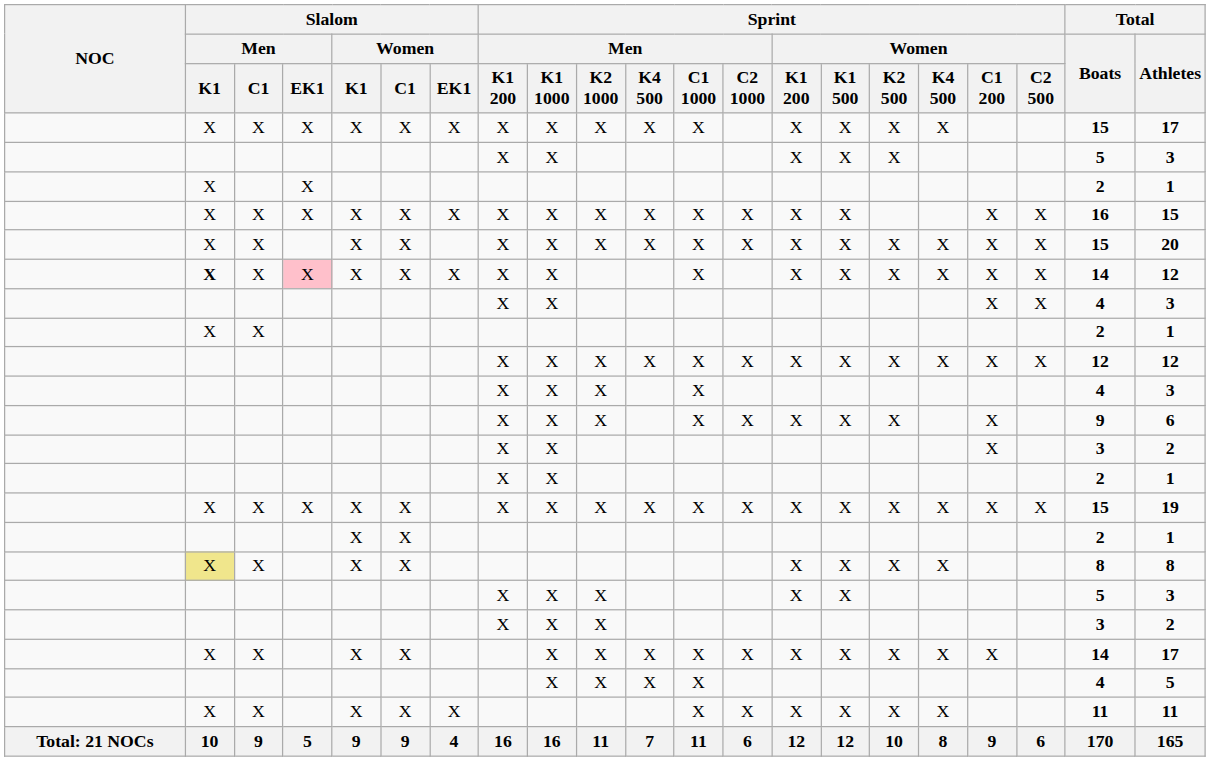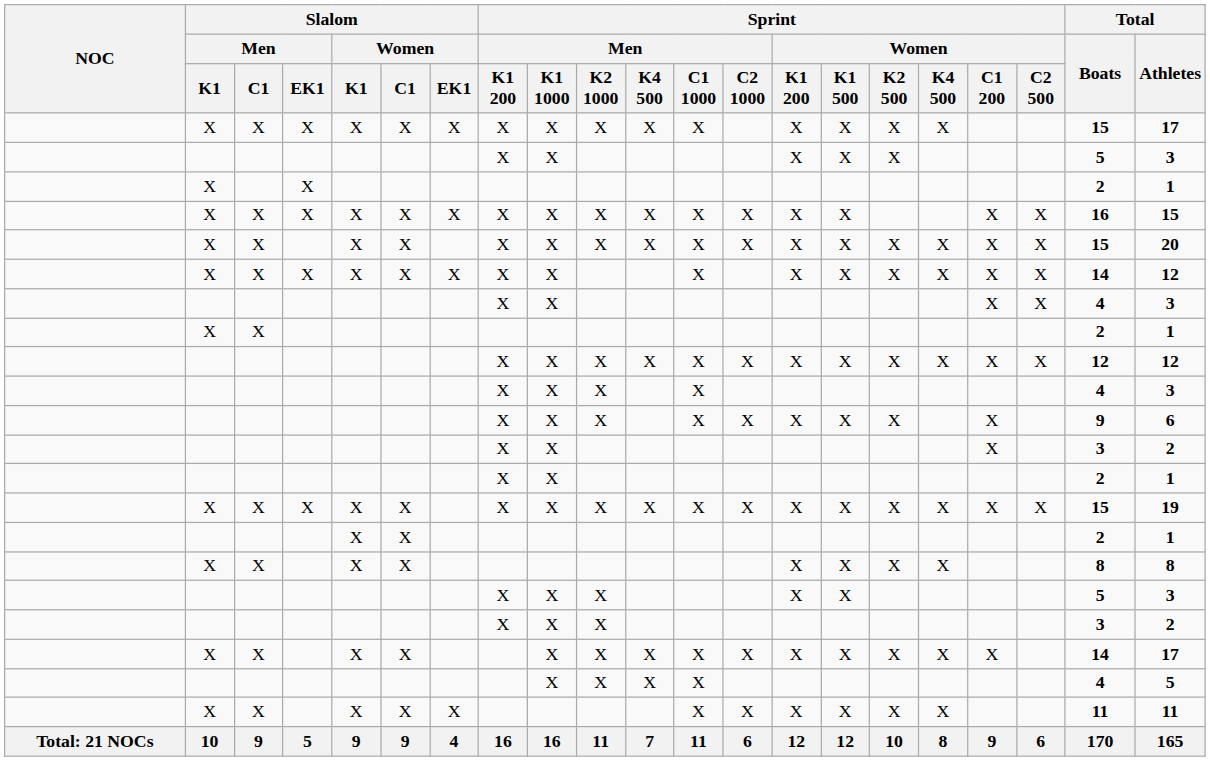 <table class="wikitable" style="text-align:center; font-size:90%">
 <tr>
 <th rowspan="3" align="left" width=140>NOC</th>
 <th colspan="6">Slalom</th>
 <th colspan="12">Sprint</th>
 <th colspan="2">Total</th>
 </tr>
 <tr>
 <th width=33 colspan=3>Men</th>
 <th colspan=3>Women</th>
 <th colspan=6>Men</th>
 <th colspan=6>Women</th>
 <th width=50 rowspan="2">Boats</th>
 <th width=50 rowspan="2">Athletes</th>
 </tr>
 <tr>
 <th width=33>K1</th>
 <th width=33>C1</th>
 <th width=33>EK1</th>
 <th width=33>K1</th>
 <th width=33>C1</th>
 <th width=33>EK1</th>
 <th width=33>K1<br>200</th>
 <th width=33>K1<br>1000</th>
 <th width=33>K2<br>1000</th>
 <th width=33>K4<br>500</th>
 <th width=33>C1<br>1000</th>
 <th width=33>C2<br>1000</th>
 <th width=33>K1<br>200</th>
 <th width=33>K1<br>500</th>
 <th width=33>K2<br>500</th>
 <th width=33>K4<br>500</th>
 <th width=33>C1<br>200</th>
 <th width=33>C2<br>500</th>
 </tr>
 <tr>
 <td align=left></td>
 <td>X</td>
 <td>X</td>
 <td>X</td>
 <td>X</td>
 <td>X</td>
 <td>X</td>
 <td>X</td>
 <td>X</td>
 <td>X</td>
 <td>X</td>
 <td>X</td>
 <td></td>
 <td>X</td>
 <td>X</td>
 <td>X</td>
 <td>X</td>
 <td></td>
 <td></td>
 <td><strong>15</strong></td>
 <td><strong>17</strong></td>
 </tr>
 <tr>
 <td align=left></td>
 <td></td>
 <td></td>
 <td></td>
 <td></td>
 <td></td>
 <td></td>
 <td>X</td>
 <td>X</td>
 <td></td>
 <td></td>
 <td></td>
 <td></td>
 <td>X</td>
 <td>X</td>
 <td>X</td>
 <td></td>
 <td></td>
 <td></td>
 <td><strong>5</strong></td>
 <td><strong>3</strong></td>
 </tr>
 <tr>
 <td align=left></td>
 <td>X</td>
 <td></td>
 <td>X</td>
 <td></td>
 <td></td>
 <td></td>
 <td></td>
 <td></td>
 <td></td>
 <td></td>
 <td></td>
 <td></td>
 <td></td>
 <td></td>
 <td></td>
 <td></td>
 <td></td>
 <td></td>
 <td><strong>2</strong></td>
 <td><strong>1</strong></td>
 </tr>
 <tr>
 <td align=left></td>
 <td>X</td>
 <td>X</td>
 <td>X</td>
 <td>X</td>
 <td>X</td>
 <td>X</td>
 <td>X</td>
 <td>X</td>
 <td>X</td>
 <td>X</td>
 <td>X</td>
 <td>X</td>
 <td>X</td>
 <td>X</td>
 <td></td>
 <td></td>
 <td>X</td>
 <td>X</td>
 <td><strong>16</strong></td>
 <td><strong>15</strong></td>
 </tr>
 <tr>
 <td align=left></td>
 <td>X</td>
 <td>X</td>
 <td></td>
 <td>X</td>
 <td>X</td>
 <td></td>
 <td>X</td>
 <td>X</td>
 <td>X</td>
 <td>X</td>
 <td>X</td>
 <td>X</td>
 <td>X</td>
 <td>X</td>
 <td>X</td>
 <td>X</td>
 <td>X</td>
 <td>X</td>
 <td><strong>15</strong></td>
 <td><strong>20</strong></td>
 </tr>
 <tr>
 <td align=left></td>
-<td><strong>X</strong></td>
 <td>X</td>
-<td style="background: pink;">X</td>
+<td>X</td>
+<td>X</td>
 <td>X</td>
 <td>X</td>
 <td>X</td>
 <td>X</td>
 <td>X</td>
 <td></td>
 <td></td>
 <td>X</td>
 <td></td>
 <td>X</td>
 <td>X</td>
 <td>X</td>
 <td>X</td>
 <td>X</td>
 <td>X</td>
 <td><strong>14</strong></td>
 <td><strong>12</strong></td>
 </tr>
 <tr>
 <td align=left></td>
 <td></td>
 <td></td>
 <td></td>
 <td></td>
 <td></td>
 <td></td>
 <td>X</td>
 <td>X</td>
 <td></td>
 <td></td>
 <td></td>
 <td></td>
 <td></td>
 <td></td>
 <td></td>
 <td></td>
 <td>X</td>
 <td>X</td>
 <td><strong>4</strong></td>
 <td><strong>3</strong></td>
 </tr>
 <tr>
 <td align=left></td>
 <td>X</td>
 <td>X</td>
 <td></td>
 <td></td>
 <td></td>
 <td></td>
 <td></td>
 <td></td>
 <td></td>
 <td></td>
 <td></td>
 <td></td>
 <td></td>
 <td></td>
 <td></td>
 <td></td>
 <td></td>
 <td></td>
 <td><strong>2</strong></td>
 <td><strong>1</strong></td>
 </tr>
 <tr>
 <td align=left></td>
 <td></td>
 <td></td>
 <td></td>
 <td></td>
 <td></td>
 <td></td>
 <td>X</td>
 <td>X</td>
 <td>X</td>
 <td>X</td>
 <td>X</td>
 <td>X</td>
 <td>X</td>
 <td>X</td>
 <td>X</td>
 <td>X</td>
 <td>X</td>
 <td>X</td>
 <td><strong>12</strong></td>
 <td><strong>12</strong></td>
 </tr>
 <tr>
 <td align=left></td>
 <td></td>
 <td></td>
 <td></td>
 <td></td>
 <td></td>
 <td></td>
 <td>X</td>
 <td>X</td>
 <td>X</td>
 <td></td>
 <td>X</td>
 <td></td>
 <td></td>
 <td></td>
 <td></td>
 <td></td>
 <td></td>
 <td></td>
 <td><strong>4</strong></td>
 <td><strong>3</strong></td>
 </tr>
 <tr>
 <td align=left></td>
 <td></td>
 <td></td>
 <td></td>
 <td></td>
 <td></td>
 <td></td>
 <td>X</td>
 <td>X</td>
 <td>X</td>
 <td></td>
 <td>X</td>
 <td>X</td>
 <td>X</td>
 <td>X</td>
 <td>X</td>
 <td></td>
 <td>X</td>
 <td></td>
 <td><strong>9</strong></td>
 <td><strong>6</strong></td>
 </tr>
 <tr>
 <td align=left></td>
 <td></td>
 <td></td>
 <td></td>
 <td></td>
 <td></td>
 <td></td>
 <td>X</td>
 <td>X</td>
 <td></td>
 <td></td>
 <td></td>
 <td></td>
 <td></td>
 <td></td>
 <td></td>
 <td></td>
 <td>X</td>
 <td></td>
 <td><strong>3</strong></td>
 <td><strong>2</strong></td>
 </tr>
 <tr>
 <td align=left></td>
 <td></td>
 <td></td>
 <td></td>
 <td></td>
 <td></td>
 <td></td>
 <td>X</td>
 <td>X</td>
 <td></td>
 <td></td>
 <td></td>
 <td></td>
 <td></td>
 <td></td>
 <td></td>
 <td></td>
 <td></td>
 <td></td>
 <td><strong>2</strong></td>
 <td><strong>1</strong></td>
 </tr>
 <tr>
 <td align=left></td>
 <td>X</td>
 <td>X</td>
 <td>X</td>
 <td>X</td>
 <td>X</td>
 <td></td>
 <td>X</td>
 <td>X</td>
 <td>X</td>
 <td>X</td>
 <td>X</td>
 <td>X</td>
 <td>X</td>
 <td>X</td>
 <td>X</td>
 <td>X</td>
 <td>X</td>
 <td>X</td>
 <td><strong>15</strong></td>
 <td><strong>19</strong></td>
 </tr>
 <tr>
 <td align=left></td>
 <td></td>
 <td></td>
 <td></td>
 <td>X</td>
 <td>X</td>
 <td></td>
 <td></td>
 <td></td>
 <td></td>
 <td></td>
 <td></td>
 <td></td>
 <td></td>
 <td></td>
 <td></td>
 <td></td>
 <td></td>
 <td></td>
 <td><strong>2</strong></td>
 <td><strong>1</strong></td>
 </tr>
 <tr>
 <td align=left></td>
-<td style="background: khaki;">X</td>
+<td>X</td>
 <td>X</td>
 <td></td>
 <td>X</td>
 <td>X</td>
 <td></td>
 <td></td>
 <td></td>
 <td></td>
 <td></td>
 <td></td>
 <td></td>
 <td>X</td>
 <td>X</td>
 <td>X</td>
 <td>X</td>
 <td></td>
 <td></td>
 <td><strong>8</strong></td>
 <td><strong>8</strong></td>
 </tr>
 <tr>
 <td align=left></td>
 <td></td>
 <td></td>
 <td></td>
 <td></td>
 <td></td>
 <td></td>
 <td>X</td>
 <td>X</td>
 <td>X</td>
 <td></td>
 <td></td>
 <td></td>
 <td>X</td>
 <td>X</td>
 <td></td>
 <td></td>
 <td></td>
 <td></td>
 <td><strong>5</strong></td>
 <td><strong>3</strong></td>
 </tr>
 <tr>
 <td align=left></td>
 <td></td>
 <td></td>
 <td></td>
 <td></td>
 <td></td>
 <td></td>
 <td>X</td>
 <td>X</td>
 <td>X</td>
 <td></td>
 <td></td>
 <td></td>
 <td></td>
 <td></td>
 <td></td>
 <td></td>
 <td></td>
 <td></td>
 <td><strong>3</strong></td>
 <td><strong>2</strong></td>
 </tr>
 <tr>
 <td align=left></td>
 <td>X</td>
 <td>X</td>
 <td></td>
 <td>X</td>
 <td>X</td>
 <td></td>
 <td></td>
 <td>X</td>
 <td>X</td>
 <td>X</td>
 <td>X</td>
 <td>X</td>
 <td>X</td>
 <td>X</td>
 <td>X</td>
 <td>X</td>
 <td>X</td>
 <td></td>
 <td><strong>14</strong></td>
 <td><strong>17</strong></td>
 </tr>
 <tr>
 <td align=left></td>
 <td></td>
 <td></td>
 <td></td>
 <td></td>
 <td></td>
 <td></td>
 <td></td>
 <td>X</td>
 <td>X</td>
 <td>X</td>
 <td>X</td>
 <td></td>
 <td></td>
 <td></td>
 <td></td>
 <td></td>
 <td></td>
 <td></td>
 <td><strong>4</strong></td>
 <td><strong>5</strong></td>
 </tr>
 <tr>
 <td align=left></td>
 <td>X</td>
 <td>X</td>
 <td></td>
 <td>X</td>
 <td>X</td>
 <td>X</td>
 <td></td>
 <td></td>
 <td></td>
 <td></td>
 <td>X</td>
 <td>X</td>
 <td>X</td>
 <td>X</td>
 <td>X</td>
 <td>X</td>
 <td></td>
 <td></td>
 <td><strong>11</strong></td>
 <td><strong>11</strong></td>
 </tr>
 <tr>
 <th>Total: 21 NOCs</th>
 <th>10</th>
 <th>9</th>
 <th>5</th>
 <th>9</th>
 <th>9</th>
 <th>4</th>
 <th>16</th>
 <th>16</th>
 <th>11</th>
 <th>7</th>
 <th>11</th>
 <th>6</th>
 <th>12</th>
 <th>12</th>
 <th>10</th>
 <th>8</th>
 <th>9</th>
 <th>6</th>
 <th>170</th>
 <th>165</th>
 </tr>
 </table>
